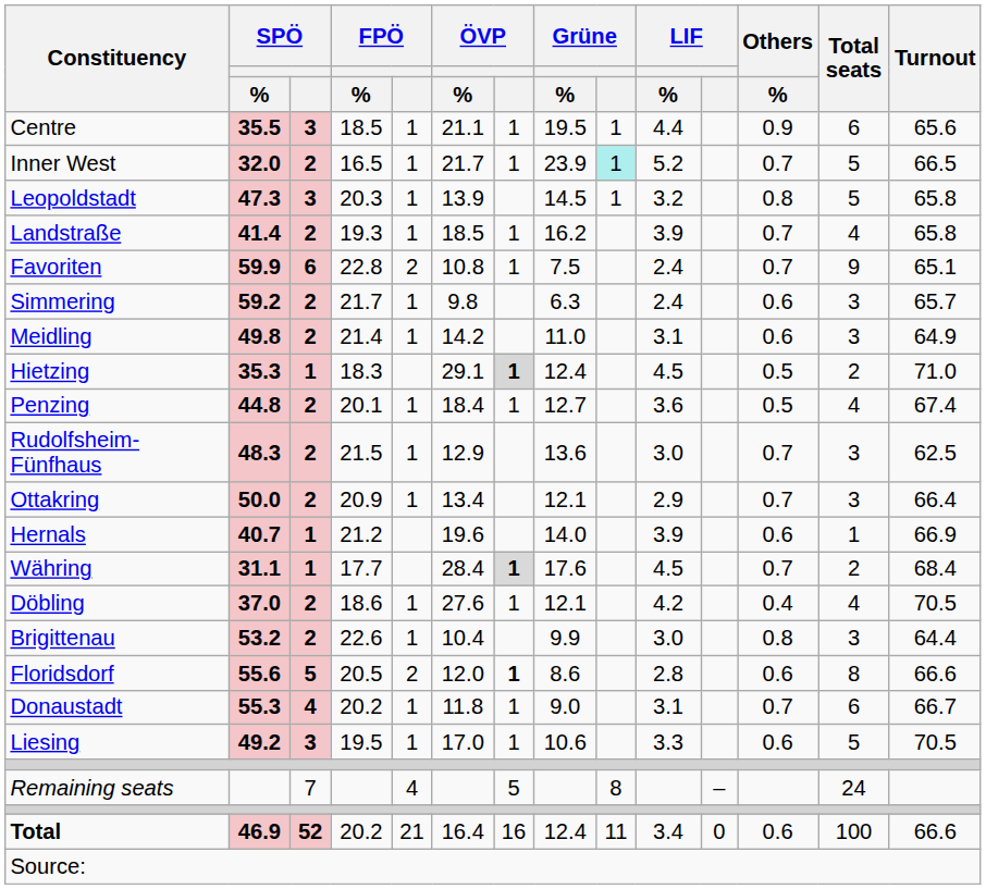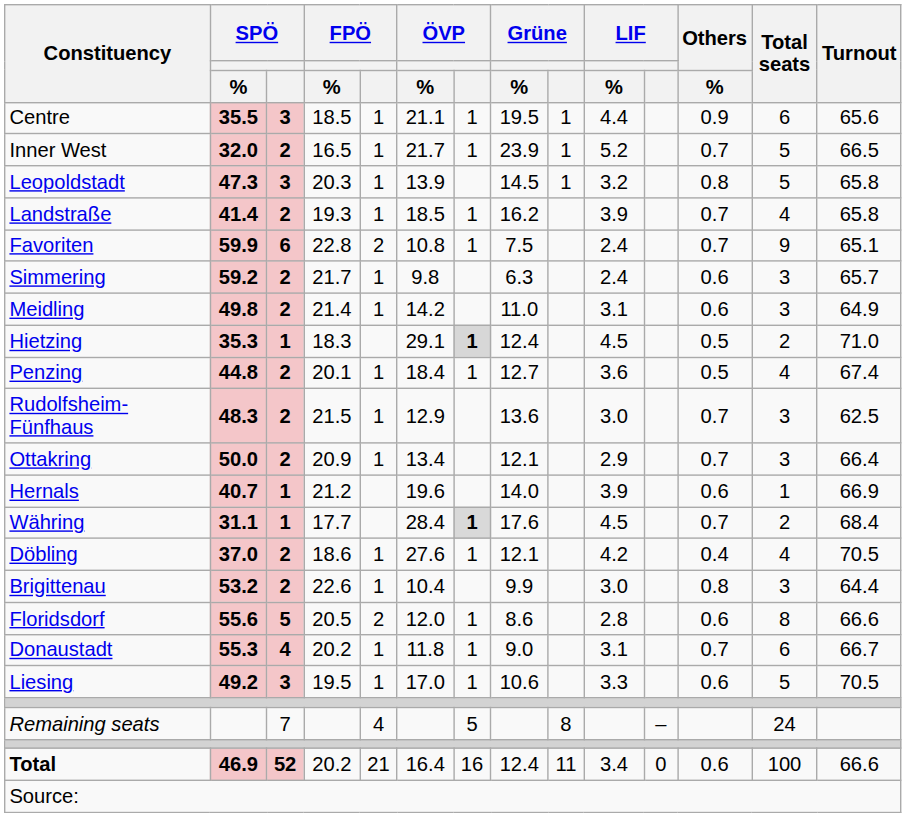 <table class="wikitable" style="text-align:center;font-size:90%;line-height:16px">
 <tr style="height:40px;">
 <th style="width:140px;" rowspan="3">Constituency</th>
 <th style="width:60px;" colspan="2"><a href='#'>SPÖ</a></th>
 <th style="width:60px;" colspan="2"><a href='#'>FPÖ</a></th>
 <th style="width:60px;" colspan="2"><a href='#'>ÖVP</a></th>
 <th style="width:60px;" colspan="2"><a href='#'>Grüne</a></th>
 <th style="width:60px;" colspan="2"><a href='#'>LIF</a></th>
 <th class="unsortable" style="width:40px;" rowspan="2">Others</th>
 <th class="unsortable" style="width:40px;" rowspan="3">Total<br>seats</th>
 <th class="unsortable" style="width:40px;" rowspan="3">Turnout</th>
 </tr>
 <tr>
 <th colspan="2" style="background:"></th>
 <th colspan="2" style="background:"></th>
 <th colspan="2" style="background:"></th>
 <th colspan="2" style="background:"></th>
 <th colspan="2" style="background:"></th>
 </tr>
 <tr>
 <th class=unsortable>%</th>
 <th class=unsortable></th>
 <th class=unsortable>%</th>
 <th class=unsortable></th>
 <th class=unsortable>%</th>
 <th class=unsortable></th>
 <th class=unsortable>%</th>
 <th class=unsortable></th>
 <th class=unsortable>%</th>
 <th class=unsortable></th>
 <th class=unsortable>%</th>
 </tr>
 <tr>
 <td align=left>Centre</td>
 <td bgcolor=#F4C6C9><strong>35.5</strong></td>
 <td bgcolor=#F4C6C9><strong>3</strong></td>
 <td>18.5</td>
 <td>1</td>
 <td>21.1</td>
 <td>1</td>
 <td>19.5</td>
 <td>1</td>
 <td>4.4</td>
 <td></td>
 <td>0.9</td>
 <td>6</td>
 <td>65.6</td>
 </tr>
 <tr>
 <td align=left>Inner West</td>
 <td bgcolor=#F4C6C9><strong>32.0</strong></td>
 <td bgcolor=#F4C6C9><strong>2</strong></td>
 <td>16.5</td>
 <td>1</td>
 <td>21.7</td>
 <td>1</td>
 <td>23.9</td>
-<td style="background: paleturquoise;">1</td>
+<td>1</td>
 <td>5.2</td>
 <td></td>
 <td>0.7</td>
 <td>5</td>
 <td>66.5</td>
 </tr>
 <tr>
 <td align=left><a href='#'>Leopoldstadt</a></td>
 <td bgcolor=#F4C6C9><strong>47.3</strong></td>
 <td bgcolor=#F4C6C9><strong>3</strong></td>
 <td>20.3</td>
 <td>1</td>
 <td>13.9</td>
 <td></td>
 <td>14.5</td>
 <td>1</td>
 <td>3.2</td>
 <td></td>
 <td>0.8</td>
 <td>5</td>
 <td>65.8</td>
 </tr>
 <tr>
 <td align=left><a href='#'>Landstraße</a></td>
 <td bgcolor=#F4C6C9><strong>41.4</strong></td>
 <td bgcolor=#F4C6C9><strong>2</strong></td>
 <td>19.3</td>
 <td>1</td>
 <td>18.5</td>
 <td>1</td>
 <td>16.2</td>
 <td></td>
 <td>3.9</td>
 <td></td>
 <td>0.7</td>
 <td>4</td>
 <td>65.8</td>
 </tr>
 <tr>
 <td align=left><a href='#'>Favoriten</a></td>
 <td bgcolor=#F4C6C9><strong>59.9</strong></td>
 <td bgcolor=#F4C6C9><strong>6</strong></td>
 <td>22.8</td>
 <td>2</td>
 <td>10.8</td>
 <td>1</td>
 <td>7.5</td>
 <td></td>
 <td>2.4</td>
 <td></td>
 <td>0.7</td>
 <td>9</td>
 <td>65.1</td>
 </tr>
 <tr>
 <td align=left><a href='#'>Simmering</a></td>
 <td bgcolor=#F4C6C9><strong>59.2</strong></td>
 <td bgcolor=#F4C6C9><strong>2</strong></td>
 <td>21.7</td>
 <td>1</td>
 <td>9.8</td>
 <td></td>
 <td>6.3</td>
 <td></td>
 <td>2.4</td>
 <td></td>
 <td>0.6</td>
 <td>3</td>
 <td>65.7</td>
 </tr>
 <tr>
 <td align=left><a href='#'>Meidling</a></td>
 <td bgcolor=#F4C6C9><strong>49.8</strong></td>
 <td bgcolor=#F4C6C9><strong>2</strong></td>
 <td>21.4</td>
 <td>1</td>
 <td>14.2</td>
 <td></td>
 <td>11.0</td>
 <td></td>
 <td>3.1</td>
 <td></td>
 <td>0.6</td>
 <td>3</td>
 <td>64.9</td>
 </tr>
 <tr>
 <td align=left><a href='#'>Hietzing</a></td>
 <td bgcolor=#F4C6C9><strong>35.3</strong></td>
 <td bgcolor=#F4C6C9><strong>1</strong></td>
 <td>18.3</td>
 <td></td>
 <td>29.1</td>
 <td bgcolor=#D7D7D7><strong>1</strong></td>
 <td>12.4</td>
 <td></td>
 <td>4.5</td>
 <td></td>
 <td>0.5</td>
 <td>2</td>
 <td>71.0</td>
 </tr>
 <tr>
 <td align=left><a href='#'>Penzing</a></td>
 <td bgcolor=#F4C6C9><strong>44.8</strong></td>
 <td bgcolor=#F4C6C9><strong>2</strong></td>
 <td>20.1</td>
 <td>1</td>
 <td>18.4</td>
 <td>1</td>
 <td>12.7</td>
 <td></td>
 <td>3.6</td>
 <td></td>
 <td>0.5</td>
 <td>4</td>
 <td>67.4</td>
 </tr>
 <tr>
 <td align=left><a href='#'>Rudolfsheim-Fünfhaus</a></td>
 <td bgcolor=#F4C6C9><strong>48.3</strong></td>
 <td bgcolor=#F4C6C9><strong>2</strong></td>
 <td>21.5</td>
 <td>1</td>
 <td>12.9</td>
 <td></td>
 <td>13.6</td>
 <td></td>
 <td>3.0</td>
 <td></td>
 <td>0.7</td>
 <td>3</td>
 <td>62.5</td>
 </tr>
 <tr>
 <td align=left><a href='#'>Ottakring</a></td>
 <td bgcolor=#F4C6C9><strong>50.0</strong></td>
 <td bgcolor=#F4C6C9><strong>2</strong></td>
 <td>20.9</td>
 <td>1</td>
 <td>13.4</td>
 <td></td>
 <td>12.1</td>
 <td></td>
 <td>2.9</td>
 <td></td>
 <td>0.7</td>
 <td>3</td>
 <td>66.4</td>
 </tr>
 <tr>
 <td align=left><a href='#'>Hernals</a></td>
 <td bgcolor=#F4C6C9><strong>40.7</strong></td>
 <td bgcolor=#F4C6C9><strong>1</strong></td>
 <td>21.2</td>
 <td></td>
 <td>19.6</td>
 <td></td>
 <td>14.0</td>
 <td></td>
 <td>3.9</td>
 <td></td>
 <td>0.6</td>
 <td>1</td>
 <td>66.9</td>
 </tr>
 <tr>
 <td align=left><a href='#'>Währing</a></td>
 <td bgcolor=#F4C6C9><strong>31.1</strong></td>
 <td bgcolor=#F4C6C9><strong>1</strong></td>
 <td>17.7</td>
 <td></td>
 <td>28.4</td>
 <td bgcolor=#D9D9D9><strong>1</strong></td>
 <td>17.6</td>
 <td></td>
 <td>4.5</td>
 <td></td>
 <td>0.7</td>
 <td>2</td>
 <td>68.4</td>
 </tr>
 <tr>
 <td align=left><a href='#'>Döbling</a></td>
 <td bgcolor=#F4C6C9><strong>37.0</strong></td>
 <td bgcolor=#F4C6C9><strong>2</strong></td>
 <td>18.6</td>
 <td>1</td>
 <td>27.6</td>
 <td>1</td>
 <td>12.1</td>
 <td></td>
 <td>4.2</td>
 <td></td>
 <td>0.4</td>
 <td>4</td>
 <td>70.5</td>
 </tr>
 <tr>
 <td align=left><a href='#'>Brigittenau</a></td>
 <td bgcolor=#F4C6C9><strong>53.2</strong></td>
 <td bgcolor=#F4C6C9><strong>2</strong></td>
 <td>22.6</td>
 <td>1</td>
 <td>10.4</td>
 <td></td>
 <td>9.9</td>
 <td></td>
 <td>3.0</td>
 <td></td>
 <td>0.8</td>
 <td>3</td>
 <td>64.4</td>
 </tr>
 <tr>
 <td align=left><a href='#'>Floridsdorf</a></td>
 <td bgcolor=#F4C6C9><strong>55.6</strong></td>
 <td bgcolor=#F4C6C9><strong>5</strong></td>
 <td>20.5</td>
 <td>2</td>
 <td>12.0</td>
-<td><strong>1</strong></td>
+<td>1</td>
 <td>8.6</td>
 <td></td>
 <td>2.8</td>
 <td></td>
 <td>0.6</td>
 <td>8</td>
 <td>66.6</td>
 </tr>
 <tr>
 <td align=left><a href='#'>Donaustadt</a></td>
 <td bgcolor=#F4C6C9><strong>55.3</strong></td>
 <td bgcolor=#F4C6C9><strong>4</strong></td>
 <td>20.2</td>
 <td>1</td>
 <td>11.8</td>
 <td>1</td>
 <td>9.0</td>
 <td></td>
 <td>3.1</td>
 <td></td>
 <td>0.7</td>
 <td>6</td>
 <td>66.7</td>
 </tr>
 <tr>
 <td align=left><a href='#'>Liesing</a></td>
 <td bgcolor=#F4C6C9><strong>49.2</strong></td>
 <td bgcolor=#F4C6C9><strong>3</strong></td>
 <td>19.5</td>
 <td>1</td>
 <td>17.0</td>
 <td>1</td>
 <td>10.6</td>
 <td></td>
 <td>3.3</td>
 <td></td>
 <td>0.6</td>
 <td>5</td>
 <td>70.5</td>
 </tr>
 <tr>
 <td colspan=14 bgcolor=lightgrey></td>
 </tr>
 <tr>
 <td align=left><em>Remaining seats</em></td>
 <td></td>
 <td>7</td>
 <td></td>
 <td>4</td>
 <td></td>
 <td>5</td>
 <td></td>
 <td>8</td>
 <td></td>
 <td>–</td>
 <td></td>
 <td>24</td>
 <td></td>
 </tr>
 <tr>
 <td colspan=14 bgcolor=lightgrey></td>
 </tr>
 <tr>
 <td align=left><strong>Total</strong></td>
 <td bgcolor=#F4C6C9><strong>46.9</strong></td>
 <td bgcolor=#F4C6C9><strong>52</strong></td>
 <td>20.2</td>
 <td>21</td>
 <td>16.4</td>
 <td>16</td>
 <td>12.4</td>
 <td>11</td>
 <td>3.4</td>
 <td>0</td>
 <td>0.6</td>
 <td>100</td>
 <td>66.6</td>
 </tr>
 <tr class=sortbottom>
 <td colspan=14 align=left>Source: </td>
 </tr>
 </table>
